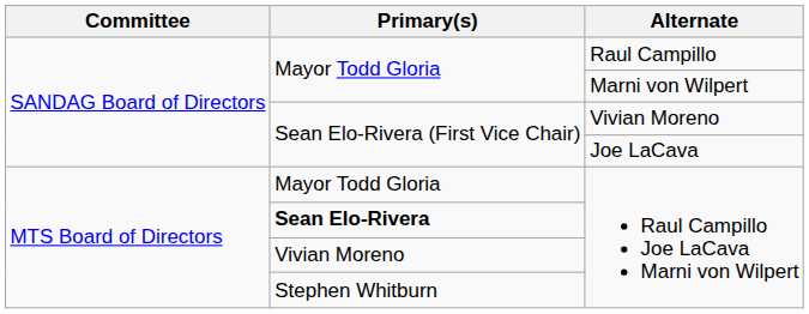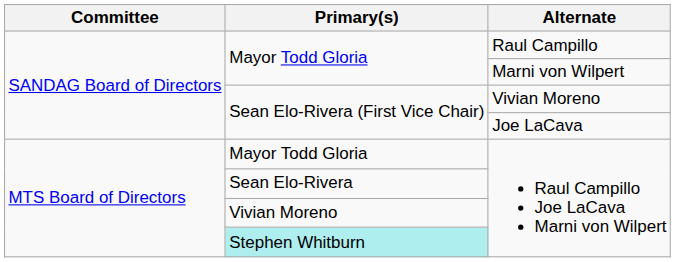 <table class="wikitable">
 <tr>
 <th>Committee</th>
 <th>Primary(s)</th>
 <th>Alternate</th>
 </tr>
 <tr>
 <td rowspan="4"><a href='#'>SANDAG Board of Directors</a></td>
 <td rowspan="2">Mayor <a href='#'>Todd Gloria</a></td>
 <td>Raul Campillo</td>
 </tr>
 <tr>
 <td>Marni von Wilpert</td>
 </tr>
 <tr>
 <td rowspan="2">Sean Elo-Rivera (First Vice Chair)</td>
 <td>Vivian Moreno</td>
 </tr>
 <tr>
 <td>Joe LaCava</td>
 </tr>
 <tr>
 <td rowspan="4"><a href='#'>MTS Board of Directors</a></td>
 <td>Mayor Todd Gloria</td>
 <td rowspan="4"><br><ul><li>Raul Campillo</li><li>Joe LaCava</li><li>Marni von Wilpert</li></ul></td>
 </tr>
 <tr>
-<td><strong>Sean Elo-Rivera</strong></td>
+<td>Sean Elo-Rivera</td>
 </tr>
 <tr>
 <td>Vivian Moreno</td>
 </tr>
 <tr>
-<td>Stephen Whitburn</td>
+<td style="background: paleturquoise;">Stephen Whitburn</td>
 </tr>
 </table>
